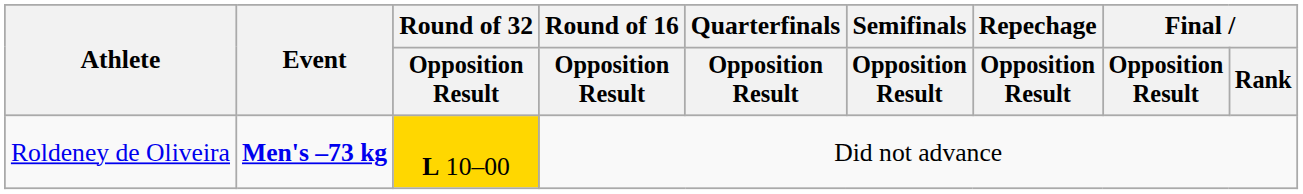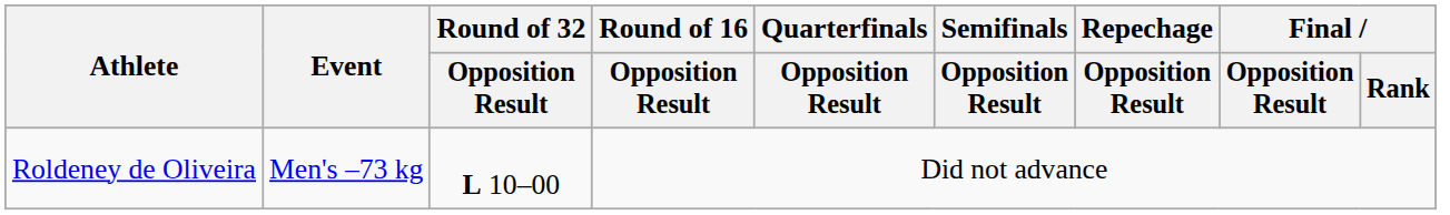 <table class="wikitable" style="font-size:90%">
 <tr>
 <th rowspan="2">Athlete</th>
 <th rowspan="2">Event</th>
 <th>Round of 32</th>
 <th>Round of 16</th>
 <th>Quarterfinals</th>
 <th>Semifinals</th>
 <th>Repechage</th>
 <th colspan=2>Final / </th>
 </tr>
 <tr style="font-size:95%">
 <th>Opposition<br>Result</th>
 <th>Opposition<br>Result</th>
 <th>Opposition<br>Result</th>
 <th>Opposition<br>Result</th>
 <th>Opposition<br>Result</th>
 <th>Opposition<br>Result</th>
 <th>Rank</th>
 </tr>
 <tr align=center>
 <td align=left><a href='#'>Roldeney de Oliveira</a></td>
-<td align=left><strong><a href='#'>Men's –73 kg</a></strong></td>
-<td style="background: gold;"><br><strong>L</strong> 10–00</td>
+<td align=left><a href='#'>Men's –73 kg</a></td>
+<td><br><strong>L</strong> 10–00</td>
 <td colspan=6>Did not advance</td>
 </tr>
 </table>
